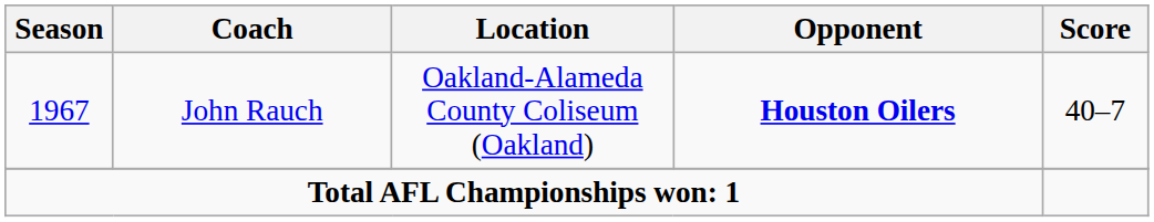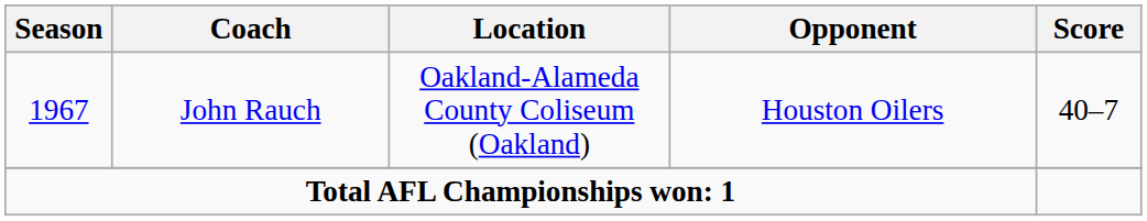 <table class="wikitable sortable" style="text-align:center;">
 <tr>
 <th style="width:50px; ">Season</th>
 <th style="width:150px; ">Coach</th>
 <th style="width:150px; ">Location</th>
 <th style="width:200px; ">Opponent</th>
 <th style="width:50px; ">Score</th>
 </tr>
 <tr>
 <td><a href='#'>1967</a></td>
 <td><a href='#'>John Rauch</a></td>
 <td><a href='#'>Oakland-Alameda County Coliseum</a> (<a href='#'>Oakland</a>)</td>
-<td><strong><a href='#'>Houston Oilers</a></strong></td>
+<td><a href='#'>Houston Oilers</a></td>
 <td>40–7</td>
 </tr>
 <tr>
 </tr>
 <tr>
 <td colspan="4"><strong>Total AFL Championships won: 1</strong></td>
 <td></td>
 </tr>
 </table>
